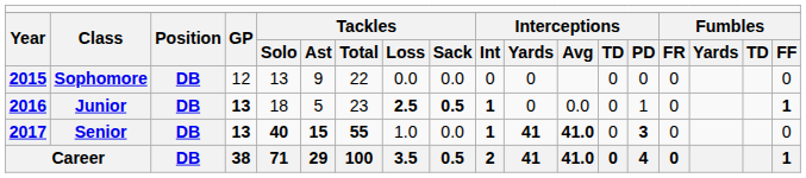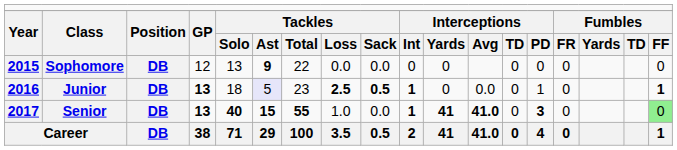 <table class="wikitable" style="text-align:center;">
 <tr>
 <td colspan="18"></td>
 </tr>
 <tr align="center">
 </tr>
 <tr>
 <th rowspan="2">Year</th>
 <th rowspan="2">Class</th>
 <th rowspan="2">Position</th>
 <th rowspan="2">GP</th>
 <th colspan="5">Tackles</th>
 <th colspan="5">Interceptions</th>
 <th colspan="4">Fumbles</th>
 </tr>
 <tr>
 <th>Solo</th>
 <th>Ast</th>
 <th>Total</th>
 <th>Loss</th>
 <th>Sack</th>
 <th>Int</th>
 <th>Yards</th>
 <th>Avg</th>
 <th>TD</th>
 <th>PD</th>
 <th>FR</th>
 <th>Yards</th>
 <th>TD</th>
 <th>FF</th>
 </tr>
 <tr>
 <th><a href='#'>2015</a></th>
 <th><a href='#'>Sophomore</a></th>
 <th><a href='#'>DB</a></th>
 <td>12</td>
 <td>13</td>
-<td>9</td>
+<td><strong>9</strong></td>
 <td>22</td>
 <td>0.0</td>
 <td>0.0</td>
 <td>0</td>
 <td>0</td>
 <td></td>
 <td>0</td>
 <td>0</td>
 <td>0</td>
 <td></td>
 <td></td>
 <td>0</td>
 </tr>
 <tr>
 <th><a href='#'>2016</a></th>
 <th><a href='#'>Junior</a></th>
 <th><a href='#'>DB</a></th>
 <td><strong>13</strong></td>
 <td>18</td>
-<td>5</td>
+<td style="background: lavender;">5</td>
 <td>23</td>
 <td><strong>2.5</strong></td>
 <td><strong>0.5</strong></td>
 <td><strong>1</strong></td>
 <td>0</td>
 <td>0.0</td>
 <td>0</td>
 <td>1</td>
 <td>0</td>
 <td></td>
 <td></td>
 <td><strong>1</strong></td>
 </tr>
 <tr>
 <th><a href='#'>2017</a></th>
 <th><a href='#'>Senior</a></th>
 <th><a href='#'>DB</a></th>
 <td><strong>13</strong></td>
 <td><strong>40</strong></td>
 <td><strong>15</strong></td>
 <td><strong>55</strong></td>
 <td>1.0</td>
 <td>0.0</td>
 <td><strong>1</strong></td>
 <td><strong>41</strong></td>
 <td><strong>41.0</strong></td>
 <td>0</td>
 <td><strong>3</strong></td>
 <td>0</td>
 <td></td>
 <td></td>
-<td>0</td>
+<td style="background: lightgreen;">0</td>
 </tr>
 <tr>
 <th colspan="2">Career</th>
 <th><a href='#'>DB</a></th>
 <th>38</th>
 <th>71</th>
 <th>29</th>
 <th>100</th>
 <th>3.5</th>
 <th>0.5</th>
 <th>2</th>
 <th>41</th>
 <th>41.0</th>
 <th>0</th>
 <th>4</th>
 <th>0</th>
 <th></th>
 <th></th>
 <th>1</th>
 </tr>
 </table>
